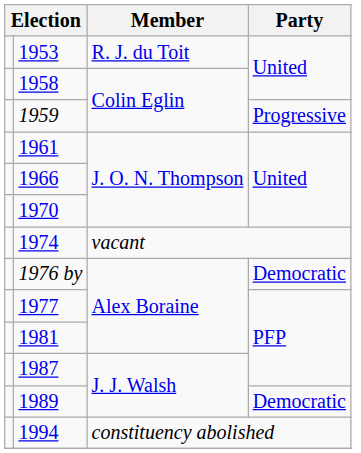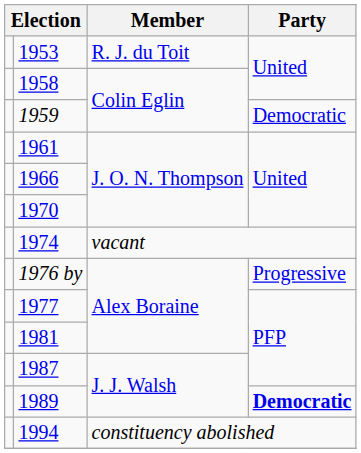 <table class="wikitable">
 <tr>
 <th colspan="2">Election</th>
 <th>Member</th>
 <th>Party</th>
 </tr>
 <tr>
 <td style="background-color: "></td>
 <td><a href='#'>1953</a></td>
 <td><a href='#'>R. J. du Toit</a></td>
 <td rowspan="2"><a href='#'>United</a></td>
 </tr>
 <tr>
 <td style="background-color: "></td>
 <td><a href='#'>1958</a></td>
 <td rowspan="2"><a href='#'>Colin Eglin</a></td>
 </tr>
 <tr>
 <td style="background-color: "></td>
 <td><em>1959</em></td>
-<td><a href='#'>Progressive</a></td>
+<td><a href='#'>Democratic</a></td>
 </tr>
 <tr>
 <td style="background-color: "></td>
 <td><a href='#'>1961</a></td>
 <td rowspan="3"><a href='#'>J. O. N. Thompson</a></td>
 <td rowspan="3"><a href='#'>United</a></td>
 </tr>
 <tr>
 <td style="background-color: "></td>
 <td><a href='#'>1966</a></td>
 </tr>
 <tr>
 <td style="background-color: "></td>
 <td><a href='#'>1970</a></td>
 </tr>
 <tr>
 <td style="background-color: "></td>
 <td><a href='#'>1974</a></td>
 <td colspan="2"><em>vacant</em></td>
 </tr>
 <tr>
 <td style="background-color: "></td>
 <td><em>1976 by</em></td>
 <td rowspan="3"><a href='#'>Alex Boraine</a></td>
-<td><a href='#'>Democratic</a></td>
+<td><a href='#'>Progressive</a></td>
 </tr>
 <tr>
 <td style="background-color: "></td>
 <td><a href='#'>1977</a></td>
 <td rowspan="3"><a href='#'>PFP</a></td>
 </tr>
 <tr>
 <td style="background-color: "></td>
 <td><a href='#'>1981</a></td>
 </tr>
 <tr>
 <td style="background-color: "></td>
 <td><a href='#'>1987</a></td>
 <td rowspan="2"><a href='#'>J. J. Walsh</a></td>
 </tr>
 <tr>
 <td style="background-color: "></td>
 <td><a href='#'>1989</a></td>
-<td><a href='#'>Democratic</a></td>
+<td><strong><a href='#'>Democratic</a></strong></td>
 </tr>
 <tr>
 <td style="background-color: "></td>
 <td><a href='#'>1994</a></td>
 <td colspan="2"><em>constituency abolished</em></td>
 </tr>
 <tr>
 </tr>
 </table>
